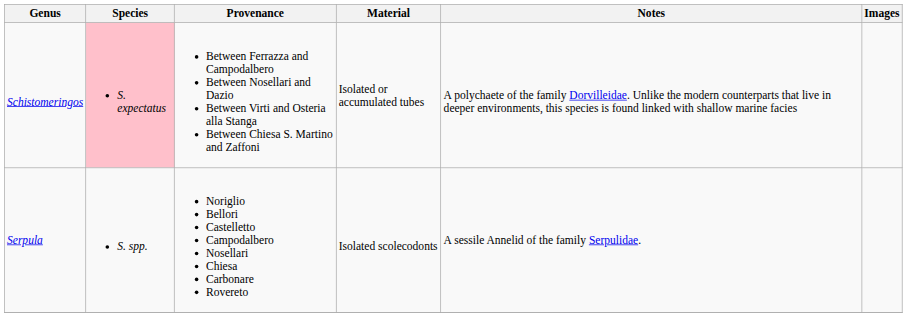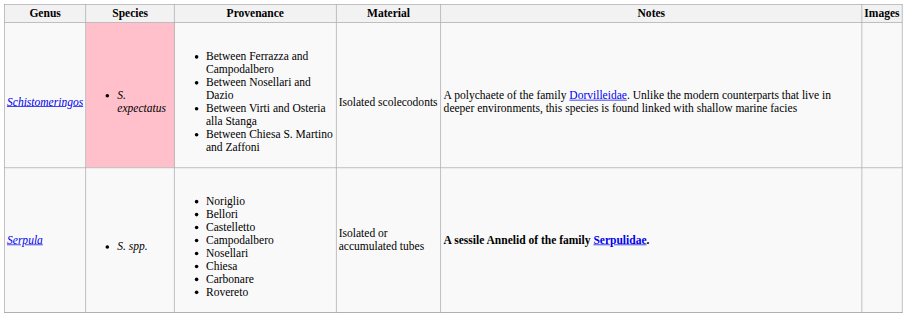 <table class = "wikitable">
 <tr>
 <th>Genus</th>
 <th>Species</th>
 <th>Provenance</th>
 <th>Material</th>
 <th>Notes</th>
 <th>Images</th>
 </tr>
 <tr>
 <td><br><em><a href='#'>Schistomeringos</a></em></td>
 <td style="background: pink;"><br><ul><li><em>S. expectatus</em></li></ul></td>
 <td><br><ul><li>Between Ferrazza and Campodalbero</li><li>Between Nosellari and Dazio</li><li>Between Virti and Osteria alla Stanga</li><li>Between Chiesa S. Martino and Zaffoni</li></ul></td>
-<td>Isolated or accumulated tubes</td>
+<td><br>Isolated scolecodonts</td>
 <td><br>A polychaete  of the family <a href='#'>Dorvilleidae</a>. Unlike the modern counterparts that live in deeper environments, this species is found linked with shallow marine facies</td>
 <td><br></td>
 </tr>
 <tr>
 <td><em><a href='#'>Serpula</a></em></td>
 <td><br><ul><li><em>S. spp.</em></li></ul></td>
 <td><br><ul><li>Noriglio</li><li>Bellori</li><li>Castelletto</li><li>Campodalbero</li><li>Nosellari</li><li>Chiesa</li><li>Carbonare</li><li>Rovereto</li></ul></td>
-<td><br>Isolated scolecodonts</td>
-<td>A sessile Annelid of the family <a href='#'>Serpulidae</a>.</td>
+<td>Isolated or accumulated tubes</td>
+<td><strong>A sessile Annelid of the family <a href='#'>Serpulidae</a>.</strong></td>
 <td></td>
 </tr>
 <tr>
 </tr>
 </table>
